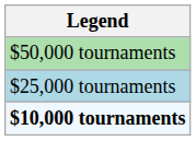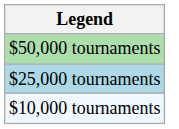 <table class="wikitable" style="font-size:85%;">
 <tr>
 <th>Legend</th>
 </tr>
 <tr style="background:#addfad;">
 <td>$50,000 tournaments</td>
 </tr>
 <tr style="background:lightblue;">
 <td>$25,000 tournaments</td>
 </tr>
 <tr style="background:#f0f8ff;">
-<td><strong>$10,000 tournaments</strong></td>
+<td>$10,000 tournaments</td>
 </tr>
 </table>
